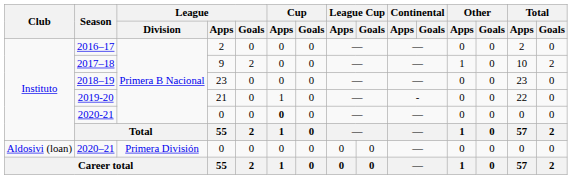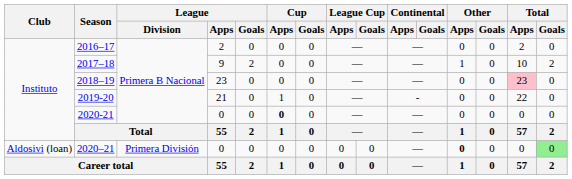 <table class="wikitable" style="text-align:center">
 <tr>
 <th rowspan="2">Club</th>
 <th rowspan="2">Season</th>
 <th colspan="3">League</th>
 <th colspan="2">Cup</th>
 <th colspan="2">League Cup</th>
 <th colspan="2">Continental</th>
 <th colspan="2">Other</th>
 <th colspan="2">Total</th>
 </tr>
 <tr>
 <th>Division</th>
 <th>Apps</th>
 <th>Goals</th>
 <th>Apps</th>
 <th>Goals</th>
 <th>Apps</th>
 <th>Goals</th>
 <th>Apps</th>
 <th>Goals</th>
 <th>Apps</th>
 <th>Goals</th>
 <th>Apps</th>
 <th>Goals</th>
 </tr>
 <tr>
 <td rowspan="6"><a href='#'>Instituto</a></td>
 <td><a href='#'>2016–17</a></td>
 <td rowspan="5"><a href='#'>Primera B Nacional</a></td>
 <td>2</td>
 <td>0</td>
 <td>0</td>
 <td>0</td>
 <td colspan="2">—</td>
 <td colspan="2">—</td>
 <td>0</td>
 <td>0</td>
 <td>2</td>
 <td>0</td>
 </tr>
 <tr>
 <td><a href='#'>2017–18</a></td>
 <td>9</td>
 <td>2</td>
 <td>0</td>
 <td>0</td>
 <td colspan="2">—</td>
 <td colspan="2">—</td>
 <td>1</td>
 <td>0</td>
 <td>10</td>
 <td>2</td>
 </tr>
 <tr>
 <td><a href='#'>2018–19</a></td>
 <td>23</td>
 <td>0</td>
 <td>0</td>
 <td>0</td>
 <td colspan="2">—</td>
 <td colspan="2">—</td>
 <td>0</td>
 <td>0</td>
-<td>23</td>
+<td style="background: pink;">23</td>
 <td>0</td>
 </tr>
 <tr>
 <td><a href='#'>2019-20</a></td>
 <td>21</td>
 <td>0</td>
 <td>1</td>
 <td>0</td>
 <td colspan="2">—</td>
 <td colspan="2">-</td>
 <td>0</td>
 <td>0</td>
 <td>22</td>
 <td>0</td>
 </tr>
 <tr>
 <td><a href='#'>2020-21</a></td>
 <td>0</td>
 <td>0</td>
 <td><strong>0</strong></td>
 <td>0</td>
 <td colspan="2">—</td>
 <td colspan="2">—</td>
 <td>0</td>
 <td>0</td>
 <td>0</td>
 <td>0</td>
 </tr>
 <tr>
 <th colspan="2">Total</th>
 <th>55</th>
 <th>2</th>
 <th>1</th>
 <th>0</th>
 <th colspan="2">—</th>
 <th colspan="2">—</th>
 <th>1</th>
 <th>0</th>
 <th>57</th>
 <th>2</th>
 </tr>
 <tr>
 <td><a href='#'>Aldosivi</a> (loan)</td>
 <td><a href='#'>2020–21</a></td>
 <td><a href='#'>Primera División</a></td>
 <td>0</td>
 <td>0</td>
 <td>0</td>
 <td>0</td>
 <td>0</td>
 <td>0</td>
 <td colspan="2">—</td>
+<td><strong>0</strong></td>
 <td>0</td>
 <td>0</td>
-<td>0</td>
-<td>0</td>
+<td style="background: lightgreen;">0</td>
 </tr>
 <tr>
 <th colspan="3">Career total</th>
 <th>55</th>
 <th>2</th>
 <th>1</th>
 <th>0</th>
 <th>0</th>
 <th>0</th>
 <th colspan="2">—</th>
 <th>1</th>
 <th>0</th>
 <th>57</th>
 <th>2</th>
 </tr>
 </table>
